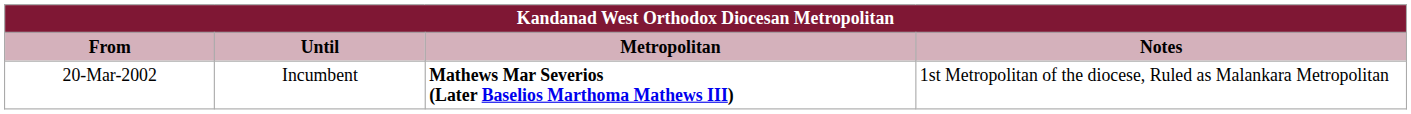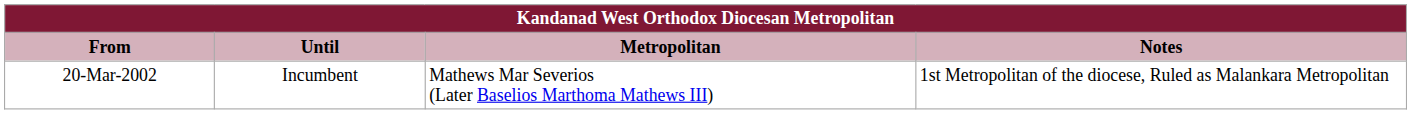 <table class="wikitable" style="width: 100%;">
 <tr>
 <th colspan="4" style="background-color: #7F1734; color: white;">Kandanad West Orthodox Diocesan Metropolitan</th>
 </tr>
 <tr>
 <th style="background-color: #D4B1BB; width: 15%;">From</th>
 <th style="background-color: #D4B1BB; width: 15%;">Until</th>
 <th style="background-color: #D4B1BB; width: 35%;">Metropolitan</th>
 <th style="background-color: #D4B1BB; width: 35%;">Notes</th>
 </tr>
 <tr valign="top" style="background-color: white;">
 <td style="text-align: center;">20-Mar-2002</td>
 <td style="text-align: center;">Incumbent</td>
-<td><strong>Mathews Mar Severios<br>(Later <a href='#'>Baselios Marthoma Mathews III</a>)</strong></td>
+<td>Mathews Mar Severios<br>(Later <a href='#'>Baselios Marthoma Mathews III</a>)</td>
 <td>1st Metropolitan of  the diocese, Ruled as Malankara Metropolitan</td>
 </tr>
 </table>
